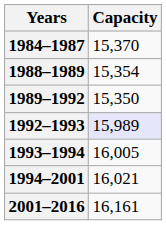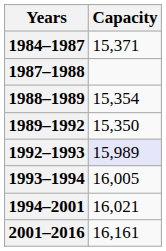 <table class="wikitable">
 <tr>
 <th>Years</th>
 <th>Capacity</th>
 </tr>
 <tr>
 <th>1984–1987</th>
-<td>15,370</td>
+<td>15,371</td>
+</tr>
+<tr>
+<th>1987–1988</th>
+<td></td>
 </tr>
 <tr>
 <th>1988–1989</th>
 <td>15,354</td>
 </tr>
 <tr>
 <th>1989–1992</th>
 <td>15,350</td>
 </tr>
 <tr>
 <th>1992–1993</th>
 <td style="background: lavender;">15,989</td>
 </tr>
 <tr>
 <th>1993–1994</th>
 <td>16,005</td>
 </tr>
 <tr>
 <th>1994–2001</th>
 <td>16,021</td>
 </tr>
 <tr>
 <th>2001–2016</th>
 <td>16,161</td>
 </tr>
 </table>
